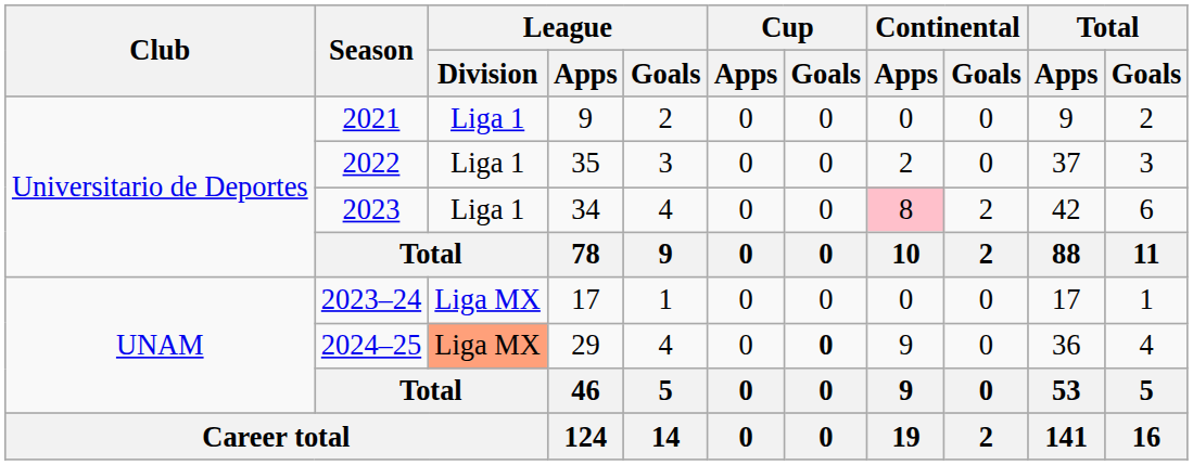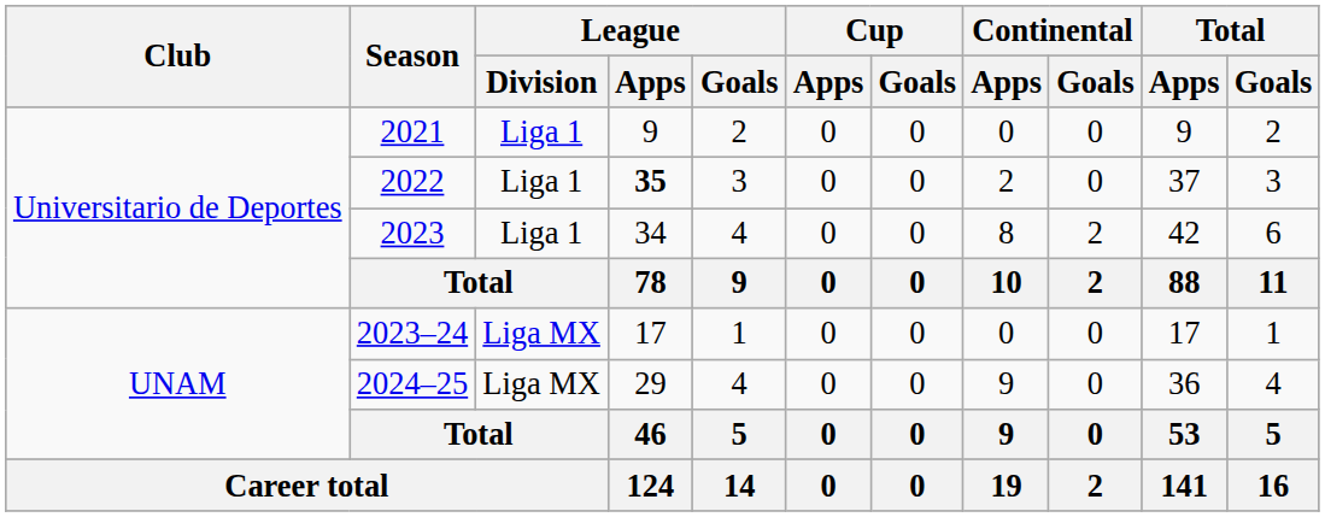 <table class="wikitable" style="text-align:center">
 <tr>
 <th rowspan="2">Club</th>
 <th rowspan="2">Season</th>
 <th colspan="3">League</th>
 <th colspan="2">Cup</th>
 <th colspan="2">Continental</th>
 <th colspan="2">Total</th>
 </tr>
 <tr>
 <th>Division</th>
 <th>Apps</th>
 <th>Goals</th>
 <th>Apps</th>
 <th>Goals</th>
 <th>Apps</th>
 <th>Goals</th>
 <th>Apps</th>
 <th>Goals</th>
 </tr>
 <tr>
 <td rowspan="4"><a href='#'>Universitario de Deportes</a></td>
 <td><a href='#'>2021</a></td>
 <td><a href='#'>Liga 1</a></td>
 <td>9</td>
 <td>2</td>
 <td>0</td>
 <td>0</td>
 <td>0</td>
 <td>0</td>
 <td>9</td>
 <td>2</td>
 </tr>
 <tr>
 <td><a href='#'>2022</a></td>
 <td>Liga 1</td>
-<td>35</td>
+<td><strong>35</strong></td>
 <td>3</td>
 <td>0</td>
 <td>0</td>
 <td>2</td>
 <td>0</td>
 <td>37</td>
 <td>3</td>
 </tr>
 <tr>
 <td><a href='#'>2023</a></td>
 <td>Liga 1</td>
 <td>34</td>
 <td>4</td>
 <td>0</td>
 <td>0</td>
-<td style="background: pink;">8</td>
+<td>8</td>
 <td>2</td>
 <td>42</td>
 <td>6</td>
 </tr>
 <tr>
 <th colspan="2">Total</th>
 <th>78</th>
 <th>9</th>
 <th>0</th>
 <th>0</th>
 <th>10</th>
 <th>2</th>
 <th>88</th>
 <th>11</th>
 </tr>
 <tr>
 <td rowspan="3"><a href='#'>UNAM</a></td>
 <td><a href='#'>2023–24</a></td>
 <td><a href='#'>Liga MX</a></td>
 <td>17</td>
 <td>1</td>
 <td>0</td>
 <td>0</td>
 <td>0</td>
 <td>0</td>
 <td>17</td>
 <td>1</td>
 </tr>
 <tr>
 <td><a href='#'>2024–25</a></td>
-<td style="background: lightsalmon;">Liga MX</td>
+<td>Liga MX</td>
 <td>29</td>
 <td>4</td>
 <td>0</td>
-<td><strong>0</strong></td>
+<td>0</td>
 <td>9</td>
 <td>0</td>
 <td>36</td>
 <td>4</td>
 </tr>
 <tr>
 <th colspan="2">Total</th>
 <th>46</th>
 <th>5</th>
 <th>0</th>
 <th>0</th>
 <th>9</th>
 <th>0</th>
 <th>53</th>
 <th>5</th>
 </tr>
 <tr>
 <th colspan="3">Career total</th>
 <th>124</th>
 <th>14</th>
 <th>0</th>
 <th>0</th>
 <th>19</th>
 <th>2</th>
 <th>141</th>
 <th>16</th>
 </tr>
 </table>
